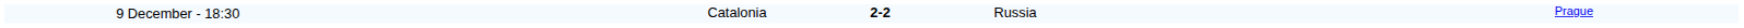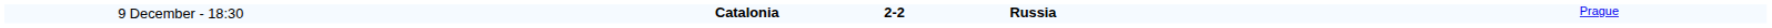 <table style="width: 100%; background:#F5FAFF;" cellspacing="0">
 <tr>
 <td align=center rowspan=3 width=20%>9 December - 18:30</td>
 </tr>
 <tr>
-<td width=24% align=right>Catalonia </td>
+<td width=24% align=right><strong>Catalonia </strong></td>
 <td align=center width=13%><strong>2-2</strong></td>
-<td width=24%> Russia</td>
+<td width=24%><strong> Russia</strong></td>
 <td style=font-size:85% rowspan=3 valign=top align=center><a href='#'>Prague</a></td>
 </tr>
 <tr style=font-size:85%>
 <td align=right valign=top></td>
 <td></td>
 <td></td>
 </tr>
 </table>
